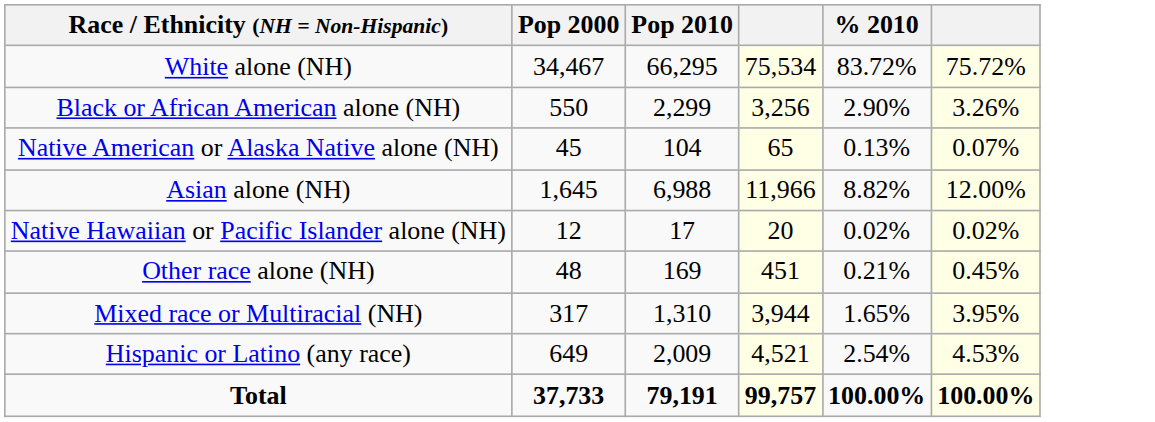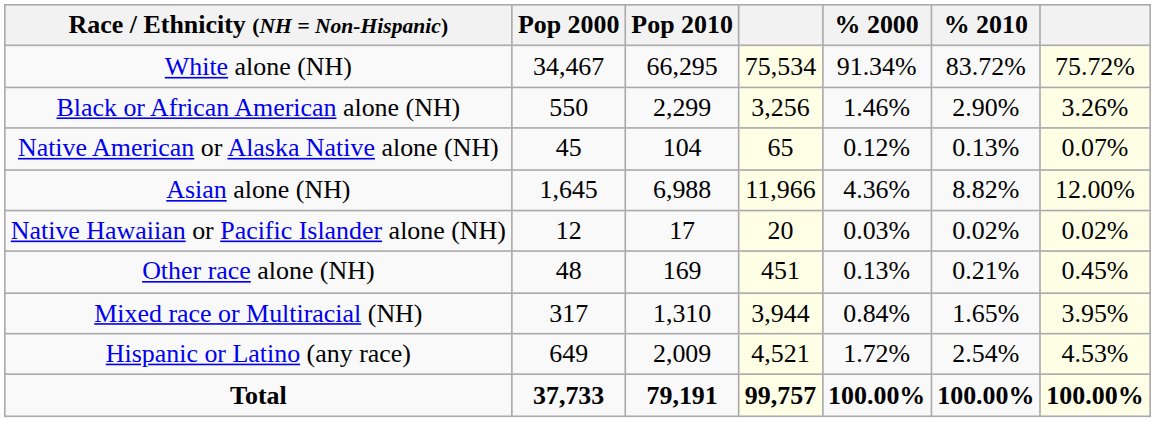 <table class="wikitable" style="text-align:center;">
 <tr>
 <th>Race / Ethnicity <small>(<em>NH = Non-Hispanic</em>)</small></th>
 <th>Pop 2000</th>
 <th>Pop 2010</th>
 <th></th>
+<th>% 2000</th>
 <th>% 2010</th>
 <th></th>
 </tr>
 <tr>
 <td><a href='#'>White</a> alone (NH)</td>
 <td>34,467</td>
 <td>66,295</td>
 <td style='background: #ffffe6;'>75,534</td>
+<td>91.34%</td>
 <td>83.72%</td>
 <td style='background: #ffffe6;'>75.72%</td>
 </tr>
 <tr>
 <td><a href='#'>Black or African American</a> alone (NH)</td>
 <td>550</td>
 <td>2,299</td>
 <td style='background: #ffffe6;'>3,256</td>
+<td>1.46%</td>
 <td>2.90%</td>
 <td style='background: #ffffe6;'>3.26%</td>
 </tr>
 <tr>
 <td><a href='#'>Native American</a> or <a href='#'>Alaska Native</a> alone (NH)</td>
 <td>45</td>
 <td>104</td>
 <td style='background: #ffffe6;'>65</td>
+<td>0.12%</td>
 <td>0.13%</td>
 <td style='background: #ffffe6;'>0.07%</td>
 </tr>
 <tr>
 <td><a href='#'>Asian</a> alone (NH)</td>
 <td>1,645</td>
 <td>6,988</td>
 <td style='background: #ffffe6;'>11,966</td>
+<td>4.36%</td>
 <td>8.82%</td>
 <td style='background: #ffffe6;'>12.00%</td>
 </tr>
 <tr>
 <td><a href='#'>Native Hawaiian</a> or <a href='#'>Pacific Islander</a> alone (NH)</td>
 <td>12</td>
 <td>17</td>
 <td style='background: #ffffe6;'>20</td>
+<td>0.03%</td>
 <td>0.02%</td>
 <td style='background: #ffffe6;'>0.02%</td>
 </tr>
 <tr>
 <td><a href='#'>Other race</a> alone (NH)</td>
 <td>48</td>
 <td>169</td>
 <td style='background: #ffffe6;'>451</td>
+<td>0.13%</td>
 <td>0.21%</td>
 <td style='background: #ffffe6;'>0.45%</td>
 </tr>
 <tr>
 <td><a href='#'>Mixed race or Multiracial</a> (NH)</td>
 <td>317</td>
 <td>1,310</td>
 <td style='background: #ffffe6;'>3,944</td>
+<td>0.84%</td>
 <td>1.65%</td>
 <td style='background: #ffffe6;'>3.95%</td>
 </tr>
 <tr>
 <td><a href='#'>Hispanic or Latino</a> (any race)</td>
 <td>649</td>
 <td>2,009</td>
 <td style='background: #ffffe6;'>4,521</td>
+<td>1.72%</td>
 <td>2.54%</td>
 <td style='background: #ffffe6;'>4.53%</td>
 </tr>
 <tr>
 <td><strong>Total</strong></td>
 <td><strong>37,733</strong></td>
 <td><strong>79,191</strong></td>
 <td style='background: #ffffe6;'><strong>99,757</strong></td>
 <td><strong>100.00%</strong></td>
+<td><strong>100.00%</strong></td>
 <td style='background: #ffffe6;'><strong>100.00%</strong></td>
 </tr>
 </table>
